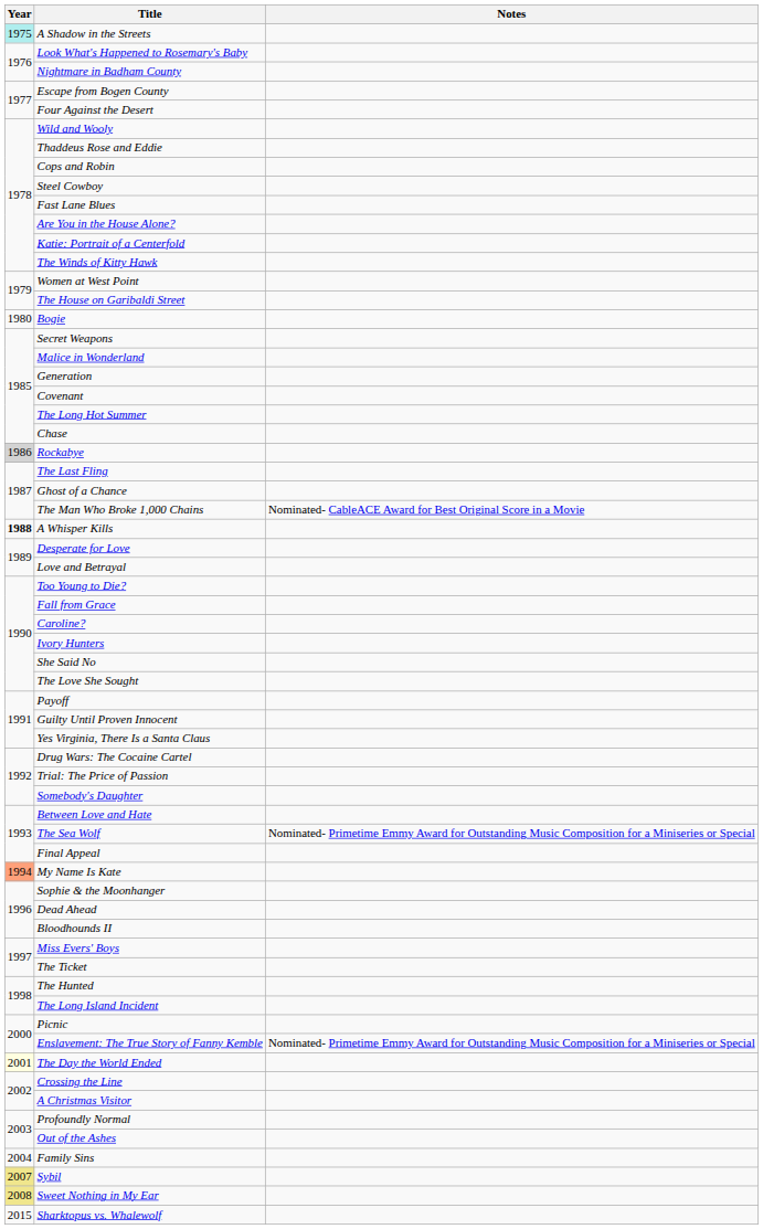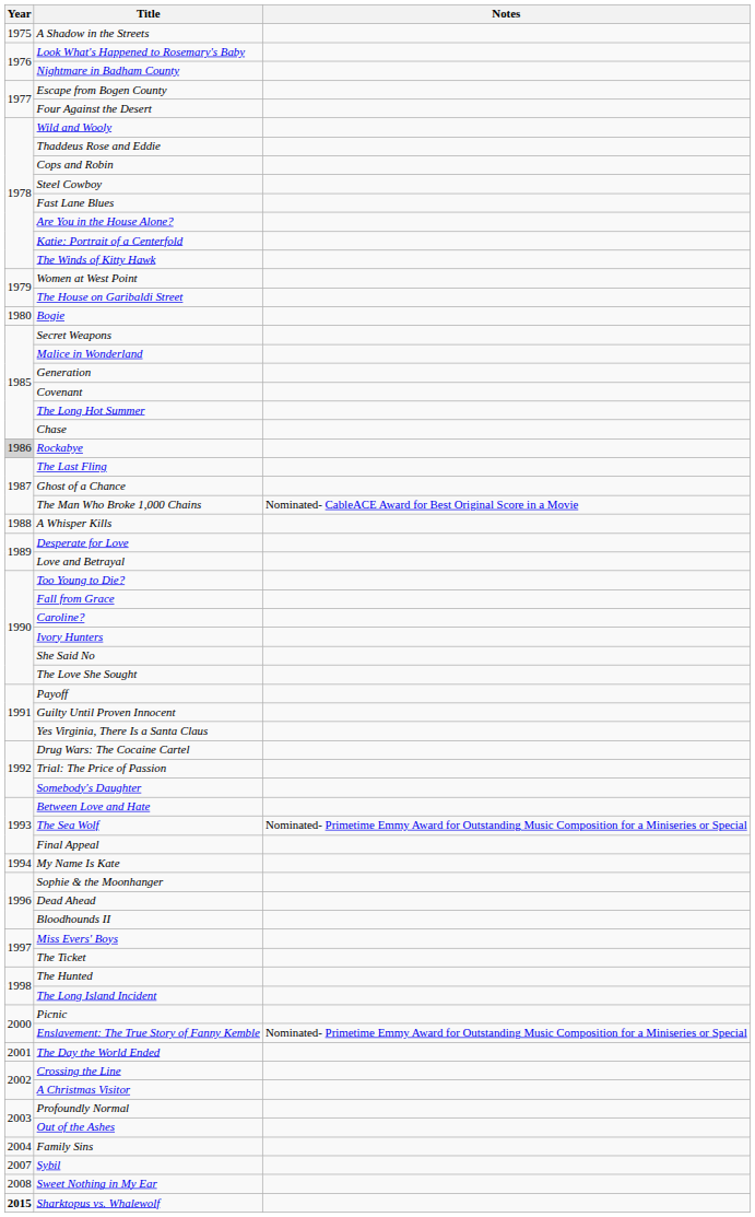 <table class="wikitable">
 <tr>
 <th>Year</th>
 <th>Title</th>
 <th>Notes</th>
 </tr>
 <tr>
-<td style="background: paleturquoise;">1975</td>
+<td>1975</td>
 <td><em>A Shadow in the Streets</em></td>
 <td></td>
 </tr>
 <tr>
 <td rowspan="2">1976</td>
 <td><em><a href='#'>Look What's Happened to Rosemary's Baby</a></em></td>
 <td></td>
 </tr>
 <tr>
 <td><em><a href='#'>Nightmare in Badham County</a></em></td>
 <td></td>
 </tr>
 <tr>
 <td rowspan="2">1977</td>
 <td><em>Escape from Bogen County</em></td>
 <td></td>
 </tr>
 <tr>
 <td><em>Four Against the Desert</em></td>
 <td></td>
 </tr>
 <tr>
 <td rowspan="8">1978</td>
 <td><em><a href='#'>Wild and Wooly</a></em></td>
 <td></td>
 </tr>
 <tr>
 <td><em>Thaddeus Rose and Eddie</em></td>
 <td></td>
 </tr>
 <tr>
 <td><em>Cops and Robin</em></td>
 <td></td>
 </tr>
 <tr>
 <td><em>Steel Cowboy</em></td>
 <td></td>
 </tr>
 <tr>
 <td><em>Fast Lane Blues</em></td>
 <td></td>
 </tr>
 <tr>
 <td><em><a href='#'>Are You in the House Alone?</a></em></td>
 <td></td>
 </tr>
 <tr>
 <td><em><a href='#'>Katie: Portrait of a Centerfold</a></em></td>
 <td></td>
 </tr>
 <tr>
 <td><em><a href='#'>The Winds of Kitty Hawk</a></em></td>
 <td></td>
 </tr>
 <tr>
 <td rowspan="2">1979</td>
 <td><em>Women at West Point</em></td>
 <td></td>
 </tr>
 <tr>
 <td><em><a href='#'>The House on Garibaldi Street</a></em></td>
 <td></td>
 </tr>
 <tr>
 <td>1980</td>
 <td><em><a href='#'>Bogie</a></em></td>
 <td></td>
 </tr>
 <tr>
 <td rowspan="6">1985</td>
 <td><em>Secret Weapons</em></td>
 <td></td>
 </tr>
 <tr>
 <td><em><a href='#'>Malice in Wonderland</a></em></td>
 <td></td>
 </tr>
 <tr>
 <td><em>Generation</em></td>
 <td></td>
 </tr>
 <tr>
 <td><em>Covenant</em></td>
 <td></td>
 </tr>
 <tr>
 <td><em><a href='#'>The Long Hot Summer</a></em></td>
 <td></td>
 </tr>
 <tr>
 <td><em>Chase</em></td>
 <td></td>
 </tr>
 <tr>
 <td style="background: lightgrey;">1986</td>
 <td><em><a href='#'>Rockabye</a></em></td>
 <td></td>
 </tr>
 <tr>
 <td rowspan="3">1987</td>
 <td><em><a href='#'>The Last Fling</a></em></td>
 <td></td>
 </tr>
 <tr>
 <td><em>Ghost of a Chance</em></td>
 <td></td>
 </tr>
 <tr>
 <td><em>The Man Who Broke 1,000 Chains</em></td>
 <td>Nominated- <a href='#'>CableACE Award for Best Original Score in a Movie</a></td>
 </tr>
 <tr>
-<td><strong>1988</strong></td>
+<td>1988</td>
 <td><em>A Whisper Kills</em></td>
 <td></td>
 </tr>
 <tr>
 <td rowspan="2">1989</td>
 <td><em><a href='#'>Desperate for Love</a></em></td>
 <td></td>
 </tr>
 <tr>
 <td><em>Love and Betrayal</em></td>
 <td></td>
 </tr>
 <tr>
 <td rowspan="6">1990</td>
 <td><em><a href='#'>Too Young to Die?</a></em></td>
 <td></td>
 </tr>
 <tr>
 <td><em><a href='#'>Fall from Grace</a></em></td>
 <td></td>
 </tr>
 <tr>
 <td><em><a href='#'>Caroline?</a></em></td>
 <td></td>
 </tr>
 <tr>
 <td><em><a href='#'>Ivory Hunters</a></em></td>
 <td></td>
 </tr>
 <tr>
 <td><em>She Said No</em></td>
 <td></td>
 </tr>
 <tr>
 <td><em>The Love She Sought</em></td>
 <td></td>
 </tr>
 <tr>
 <td rowspan="3">1991</td>
 <td><em>Payoff</em></td>
 <td></td>
 </tr>
 <tr>
 <td><em>Guilty Until Proven Innocent</em></td>
 <td></td>
 </tr>
 <tr>
 <td><em>Yes Virginia, There Is a Santa Claus</em></td>
 <td></td>
 </tr>
 <tr>
 <td rowspan="3">1992</td>
 <td><em>Drug Wars: The Cocaine Cartel</em></td>
 <td></td>
 </tr>
 <tr>
 <td><em>Trial: The Price of Passion</em></td>
 <td></td>
 </tr>
 <tr>
 <td><em><a href='#'>Somebody's Daughter</a></em></td>
 <td></td>
 </tr>
 <tr>
 <td rowspan="3">1993</td>
 <td><em><a href='#'>Between Love and Hate</a></em></td>
 <td></td>
 </tr>
 <tr>
 <td><em><a href='#'>The Sea Wolf</a></em></td>
 <td>Nominated- <a href='#'>Primetime Emmy Award for Outstanding Music Composition for a Miniseries or Special</a></td>
 </tr>
 <tr>
 <td><em>Final Appeal</em></td>
 <td></td>
 </tr>
 <tr>
-<td style="background: lightsalmon;">1994</td>
+<td>1994</td>
 <td><em>My Name Is Kate</em></td>
 <td></td>
 </tr>
 <tr>
 <td rowspan="3">1996</td>
 <td><em>Sophie & the Moonhanger</em></td>
 <td></td>
 </tr>
 <tr>
 <td><em>Dead Ahead</em></td>
 <td></td>
 </tr>
 <tr>
 <td><em>Bloodhounds II</em></td>
 <td></td>
 </tr>
 <tr>
 <td rowspan="2">1997</td>
 <td><em><a href='#'>Miss Evers' Boys</a></em></td>
 <td></td>
 </tr>
 <tr>
 <td><em>The Ticket</em></td>
 <td></td>
 </tr>
 <tr>
 <td rowspan="2">1998</td>
 <td><em>The Hunted</em></td>
 <td></td>
 </tr>
 <tr>
 <td><em><a href='#'>The Long Island Incident</a></em></td>
 <td></td>
 </tr>
 <tr>
 <td rowspan="2">2000</td>
 <td><em>Picnic</em></td>
 <td></td>
 </tr>
 <tr>
 <td><em><a href='#'>Enslavement: The True Story of Fanny Kemble</a></em></td>
 <td>Nominated- <a href='#'>Primetime Emmy Award for Outstanding Music Composition for a Miniseries or Special</a></td>
 </tr>
 <tr>
-<td style="background: lightyellow;">2001</td>
+<td>2001</td>
 <td><em><a href='#'>The Day the World Ended</a></em></td>
 <td></td>
 </tr>
 <tr>
 <td rowspan="2">2002</td>
 <td><em><a href='#'>Crossing the Line</a></em></td>
 <td></td>
 </tr>
 <tr>
 <td><em><a href='#'>A Christmas Visitor</a></em></td>
 <td></td>
 </tr>
 <tr>
 <td rowspan="2">2003</td>
 <td><em>Profoundly Normal</em></td>
 <td></td>
 </tr>
 <tr>
 <td><em><a href='#'>Out of the Ashes</a></em></td>
 <td></td>
 </tr>
 <tr>
 <td>2004</td>
 <td><em>Family Sins</em></td>
 <td></td>
 </tr>
 <tr>
-<td style="background: khaki;">2007</td>
+<td>2007</td>
 <td><em><a href='#'>Sybil</a></em></td>
 <td></td>
 </tr>
 <tr>
-<td style="background: khaki;">2008</td>
+<td>2008</td>
 <td><em><a href='#'>Sweet Nothing in My Ear</a></em></td>
 <td></td>
 </tr>
 <tr>
-<td>2015</td>
+<td><strong>2015</strong></td>
 <td><em><a href='#'>Sharktopus vs. Whalewolf</a></em></td>
 <td></td>
 </tr>
 </table>
